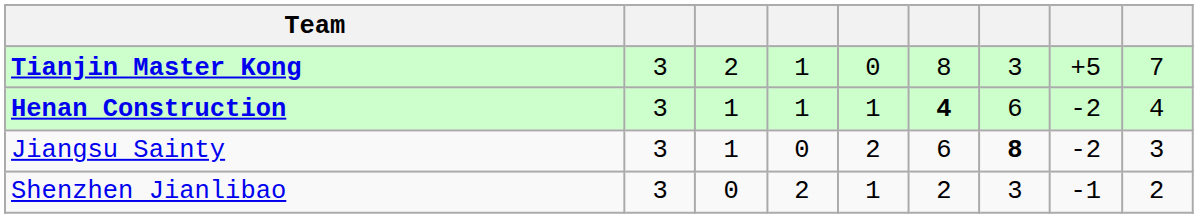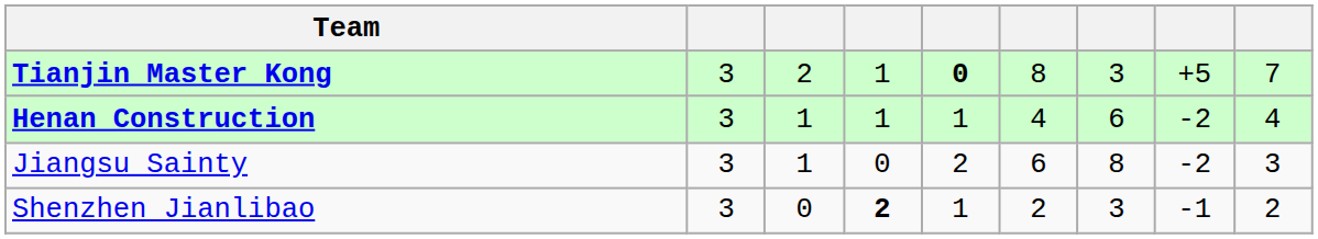 <table class="wikitable" style="text-align:center;">
 <tr>
 <th width=310>Team</th>
 <th width=30></th>
 <th width=30></th>
 <th width=30></th>
 <th width=30></th>
 <th width=30></th>
 <th width=30></th>
 <th width=30></th>
 <th width=30></th>
 </tr>
 <tr bgcolor="#ccffcc">
 <td align="left"><strong><a href='#'>Tianjin Master Kong</a></strong></td>
 <td>3</td>
 <td>2</td>
 <td>1</td>
-<td>0</td>
+<td><strong>0</strong></td>
 <td>8</td>
 <td>3</td>
 <td>+5</td>
 <td>7</td>
 </tr>
 <tr bgcolor="#ccffcc">
 <td align="left"><strong><a href='#'>Henan Construction</a></strong></td>
 <td>3</td>
 <td>1</td>
 <td>1</td>
 <td>1</td>
-<td><strong>4</strong></td>
+<td>4</td>
 <td>6</td>
 <td>-2</td>
 <td>4</td>
 </tr>
 <tr>
 <td align="left"><a href='#'>Jiangsu Sainty</a></td>
 <td>3</td>
 <td>1</td>
 <td>0</td>
 <td>2</td>
 <td>6</td>
-<td><strong>8</strong></td>
+<td>8</td>
 <td>-2</td>
 <td>3</td>
 </tr>
 <tr>
 <td align="left"><a href='#'>Shenzhen Jianlibao</a></td>
 <td>3</td>
 <td>0</td>
-<td>2</td>
+<td><strong>2</strong></td>
 <td>1</td>
 <td>2</td>
 <td>3</td>
 <td>-1</td>
 <td>2</td>
 </tr>
 </table>
